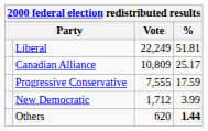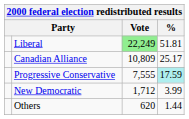 <table class="wikitable">
 <tr>
 <th colspan="4"><a href='#'>2000 federal election</a> redistributed results</th>
 </tr>
 <tr>
 <th bgcolor="#DDDDFF" width="130px" colspan="2">Party</th>
 <th bgcolor="#DDDDFF" width="50px">Vote</th>
 <th bgcolor="#DDDDFF" width="30px">%</th>
 </tr>
 <tr>
 <td> </td>
 <td><a href='#'>Liberal</a></td>
-<td align=right>22,249</td>
+<td align=right style="background: lightgreen;">22,249</td>
 <td align=right>51.81</td>
 </tr>
 <tr>
 <td> </td>
 <td><a href='#'>Canadian Alliance</a></td>
 <td align=right>10,809</td>
 <td align=right>25.17</td>
 </tr>
 <tr>
 <td> </td>
 <td><a href='#'>Progressive Conservative</a></td>
 <td align=right>7,555</td>
-<td align=right>17.59</td>
+<td align=right style="background: paleturquoise;">17.59</td>
 </tr>
 <tr>
 <td> </td>
 <td><a href='#'>New Democratic</a></td>
 <td align=right>1,712</td>
 <td align=right>3.99</td>
 </tr>
 <tr>
 <td> </td>
 <td>Others</td>
 <td align=right>620</td>
-<td align=right><strong>1.44</strong></td>
+<td align=right>1.44</td>
 </tr>
 </table>
